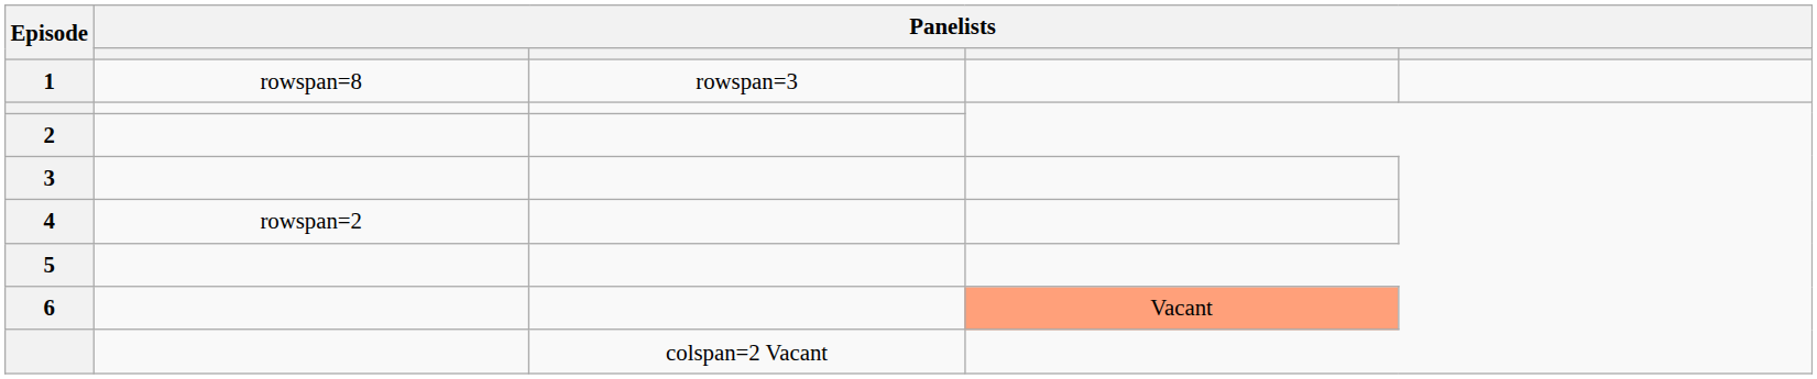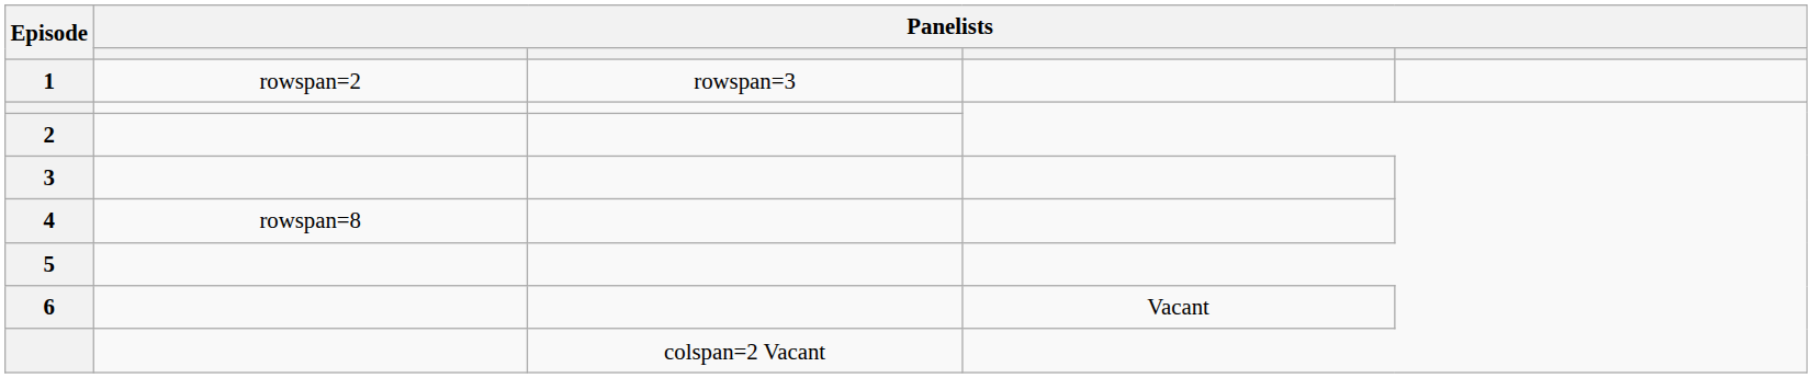 <table class="wikitable plainrowheaders mw-collapsible" style="text-align:center; line-height:23px; width:100%;">
 <tr>
 <th rowspan=2 width=01%>Episode</th>
 <th colspan=4>Panelists</th>
 </tr>
 <tr>
 <th width="25%"></th>
 <th width="25%"></th>
 <th width="25%"></th>
 <th width="25%"></th>
 </tr>
 <tr>
 <th>1</th>
-<td>rowspan=8 </td>
+<td>rowspan=2 </td>
 <td>rowspan=3 </td>
 <td></td>
 <td></td>
 </tr>
 <tr>
 <th></th>
 <td></td>
 <td></td>
 </tr>
 <tr>
 <th>2</th>
 <td></td>
 <td></td>
 </tr>
 <tr>
 <th>3</th>
 <td></td>
 <td></td>
 <td></td>
 </tr>
 <tr>
 <th>4</th>
-<td>rowspan=2 </td>
+<td>rowspan=8 </td>
 <td></td>
 <td></td>
 </tr>
 <tr>
 <th>5</th>
 <td></td>
 <td></td>
 </tr>
 <tr>
 <th>6</th>
 <td></td>
 <td></td>
-<td style="background: lightsalmon;"> Vacant</td>
+<td> Vacant</td>
 </tr>
 <tr>
 <th></th>
 <td></td>
 <td>colspan=2  Vacant</td>
 </tr>
 </table>
